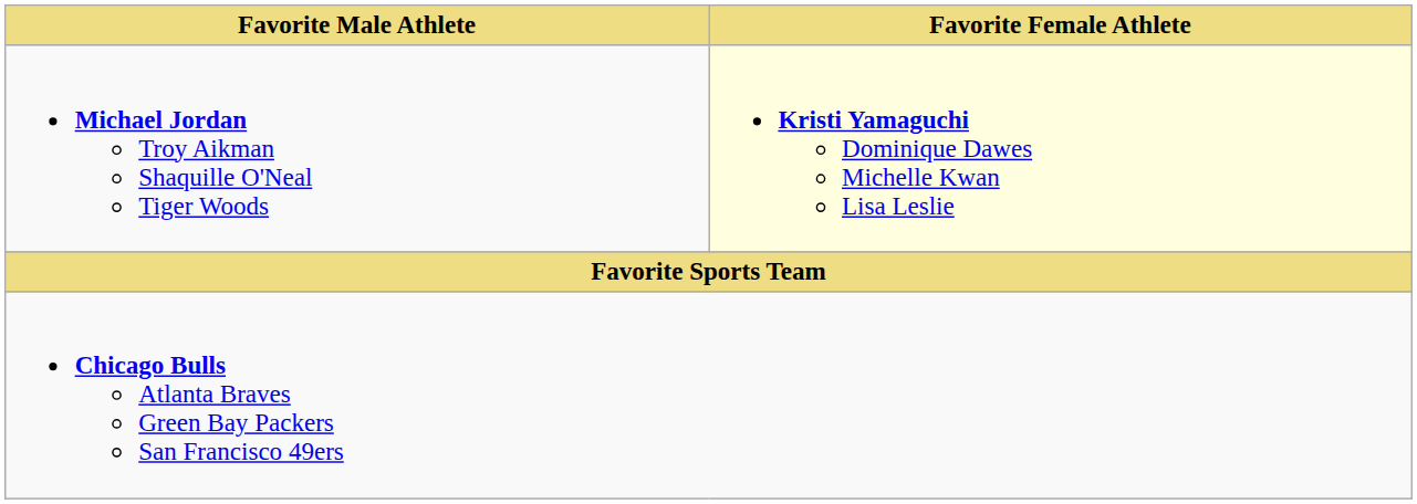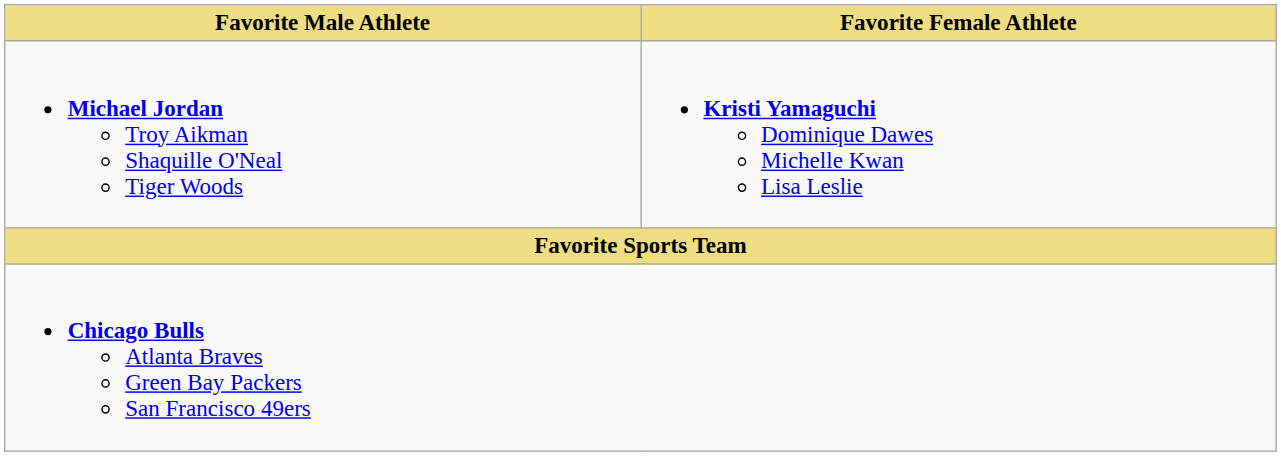 <table class="wikitable" style="width:100%">
 <tr>
 <th style="background:#EEDD82; width:50%">Favorite Male Athlete</th>
 <th style="background:#EEDD82; width:50%">Favorite Female Athlete</th>
 </tr>
 <tr>
 <td valign="top"><br><ul><li><strong><a href='#'>Michael Jordan</a></strong><ul><li><a href='#'>Troy Aikman</a></li><li><a href='#'>Shaquille O'Neal</a></li><li><a href='#'>Tiger Woods</a></li></ul></li></ul></td>
-<td valign="top" style="background: lightyellow;"><br><ul><li><strong><a href='#'>Kristi Yamaguchi</a></strong><ul><li><a href='#'>Dominique Dawes</a></li><li><a href='#'>Michelle Kwan</a></li><li><a href='#'>Lisa Leslie</a></li></ul></li></ul></td>
+<td valign="top"><br><ul><li><strong><a href='#'>Kristi Yamaguchi</a></strong><ul><li><a href='#'>Dominique Dawes</a></li><li><a href='#'>Michelle Kwan</a></li><li><a href='#'>Lisa Leslie</a></li></ul></li></ul></td>
 </tr>
 <tr>
 <th style="background:#EEDD82;" colspan="2">Favorite Sports Team</th>
 </tr>
 <tr>
 <td colspan="2"><br><ul><li><strong><a href='#'>Chicago Bulls</a></strong><ul><li><a href='#'>Atlanta Braves</a></li><li><a href='#'>Green Bay Packers</a></li><li><a href='#'>San Francisco 49ers</a></li></ul></li></ul></td>
 </tr>
 </table>
